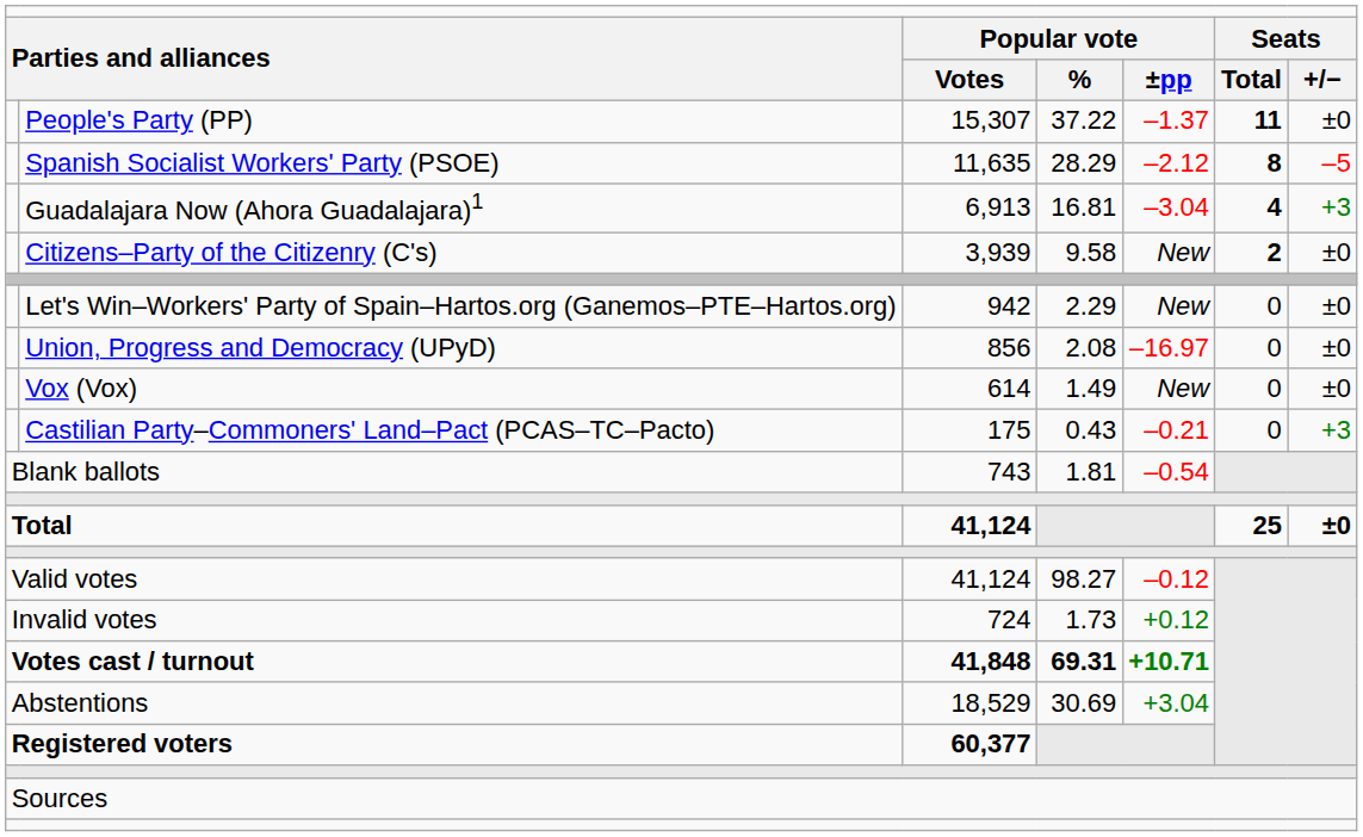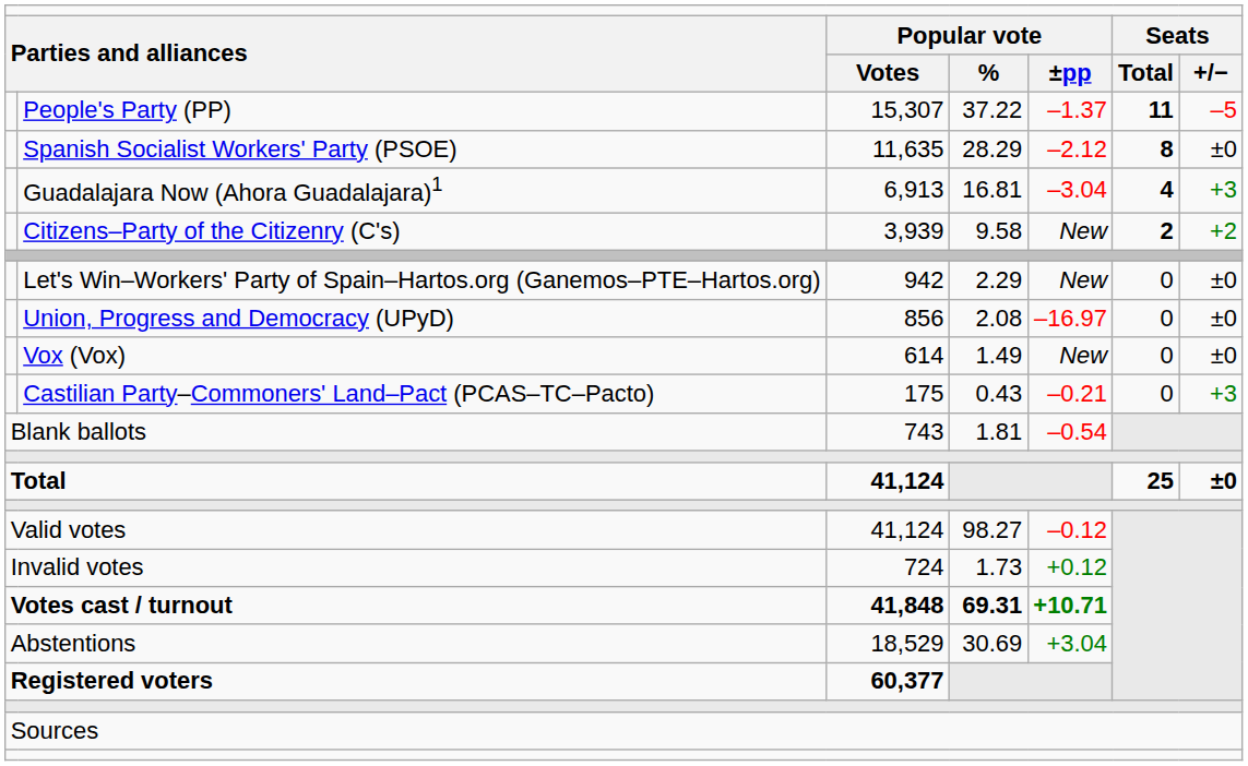 <table class="wikitable" style="text-align:right;">
 <tr>
 <td colspan="7"></td>
 </tr>
 <tr>
 <th style="text-align:left;" rowspan="2" colspan="2" width="525">Parties and alliances</th>
 <th colspan="3">Popular vote</th>
 <th colspan="2">Seats</th>
 </tr>
 <tr>
 <th width="75">Votes</th>
 <th width="45">%</th>
 <th width="45">±<a href='#'>pp</a></th>
 <th width="35">Total</th>
 <th width="35">+/−</th>
 </tr>
 <tr>
 <td width="1" style="color:inherit;background:"></td>
 <td align="left"><a href='#'>People's Party</a> (PP)</td>
 <td>15,307</td>
 <td>37.22</td>
 <td style="color:red;">–1.37</td>
 <td><strong>11</strong></td>
-<td>±0</td>
+<td style="color:red;">–5</td>
 </tr>
 <tr>
 <td style="color:inherit;background:"></td>
 <td align="left"><a href='#'>Spanish Socialist Workers' Party</a> (PSOE)</td>
 <td>11,635</td>
 <td>28.29</td>
 <td style="color:red;">–2.12</td>
 <td><strong>8</strong></td>
-<td style="color:red;">–5</td>
+<td>±0</td>
 </tr>
 <tr>
 <td style="color:inherit;background:"></td>
 <td align="left">Guadalajara Now (Ahora Guadalajara)<sup>1</sup></td>
 <td>6,913</td>
 <td>16.81</td>
 <td style="color:red;">–3.04</td>
 <td><strong>4</strong></td>
 <td style="color:green;">+3</td>
 </tr>
 <tr>
 <td style="color:inherit;background:"></td>
 <td align="left"><a href='#'>Citizens–Party of the Citizenry</a> (C's)</td>
 <td>3,939</td>
 <td>9.58</td>
 <td><em>New</em></td>
 <td><strong>2</strong></td>
-<td>±0</td>
+<td style="color:green;">+2</td>
 </tr>
 <tr>
 <td colspan="7" bgcolor="#C0C0C0"></td>
 </tr>
 <tr>
 <td style="color:inherit;background:"></td>
 <td align="left">Let's Win–Workers' Party of Spain–Hartos.org (Ganemos–PTE–Hartos.org)</td>
 <td>942</td>
 <td>2.29</td>
 <td><em>New</em></td>
 <td>0</td>
 <td>±0</td>
 </tr>
 <tr>
 <td style="color:inherit;background:"></td>
 <td align="left"><a href='#'>Union, Progress and Democracy</a> (UPyD)</td>
 <td>856</td>
 <td>2.08</td>
 <td style="color:red;">–16.97</td>
 <td>0</td>
 <td>±0</td>
 </tr>
 <tr>
 <td style="color:inherit;background:"></td>
 <td align="left"><a href='#'>Vox</a> (Vox)</td>
 <td>614</td>
 <td>1.49</td>
 <td><em>New</em></td>
 <td>0</td>
 <td>±0</td>
 </tr>
 <tr>
 <td style="color:inherit;background:"></td>
 <td align="left"><a href='#'>Castilian Party</a>–<a href='#'>Commoners' Land–Pact</a> (PCAS–TC–Pacto)</td>
 <td>175</td>
 <td>0.43</td>
 <td style="color:red;">–0.21</td>
 <td>0</td>
 <td style="color:green;">+3</td>
 </tr>
 <tr>
 <td align="left" colspan="2">Blank ballots</td>
 <td>743</td>
 <td>1.81</td>
 <td style="color:red;">–0.54</td>
 <td bgcolor="#E9E9E9" colspan="2"></td>
 </tr>
 <tr>
 <td colspan="7" bgcolor="#E9E9E9"></td>
 </tr>
 <tr style="font-weight:bold;">
 <td align="left" colspan="2">Total</td>
 <td>41,124</td>
 <td bgcolor="#E9E9E9" colspan="2"></td>
 <td>25</td>
 <td>±0</td>
 </tr>
 <tr>
 <td colspan="7" bgcolor="#E9E9E9"></td>
 </tr>
 <tr>
 <td align="left" colspan="2">Valid votes</td>
 <td>41,124</td>
 <td>98.27</td>
 <td style="color:red;">–0.12</td>
 <td bgcolor="#E9E9E9" colspan="2" rowspan="5"></td>
 </tr>
 <tr>
 <td align="left" colspan="2">Invalid votes</td>
 <td>724</td>
 <td>1.73</td>
 <td style="color:green;">+0.12</td>
 </tr>
 <tr style="font-weight:bold;">
 <td align="left" colspan="2">Votes cast / turnout</td>
 <td>41,848</td>
 <td>69.31</td>
 <td style="color:green;">+10.71</td>
 </tr>
 <tr>
 <td align="left" colspan="2">Abstentions</td>
 <td>18,529</td>
 <td>30.69</td>
 <td style="color:green;">+3.04</td>
 </tr>
 <tr style="font-weight:bold;">
 <td align="left" colspan="2">Registered voters</td>
 <td>60,377</td>
 <td bgcolor="#E9E9E9" colspan="2"></td>
 </tr>
 <tr>
 <td colspan="7" bgcolor="#E9E9E9"></td>
 </tr>
 <tr>
 <td align="left" colspan="7">Sources</td>
 </tr>
 <tr>
 <td colspan="7" style="text-align:left; max-width:790px;"></td>
 </tr>
 </table>
